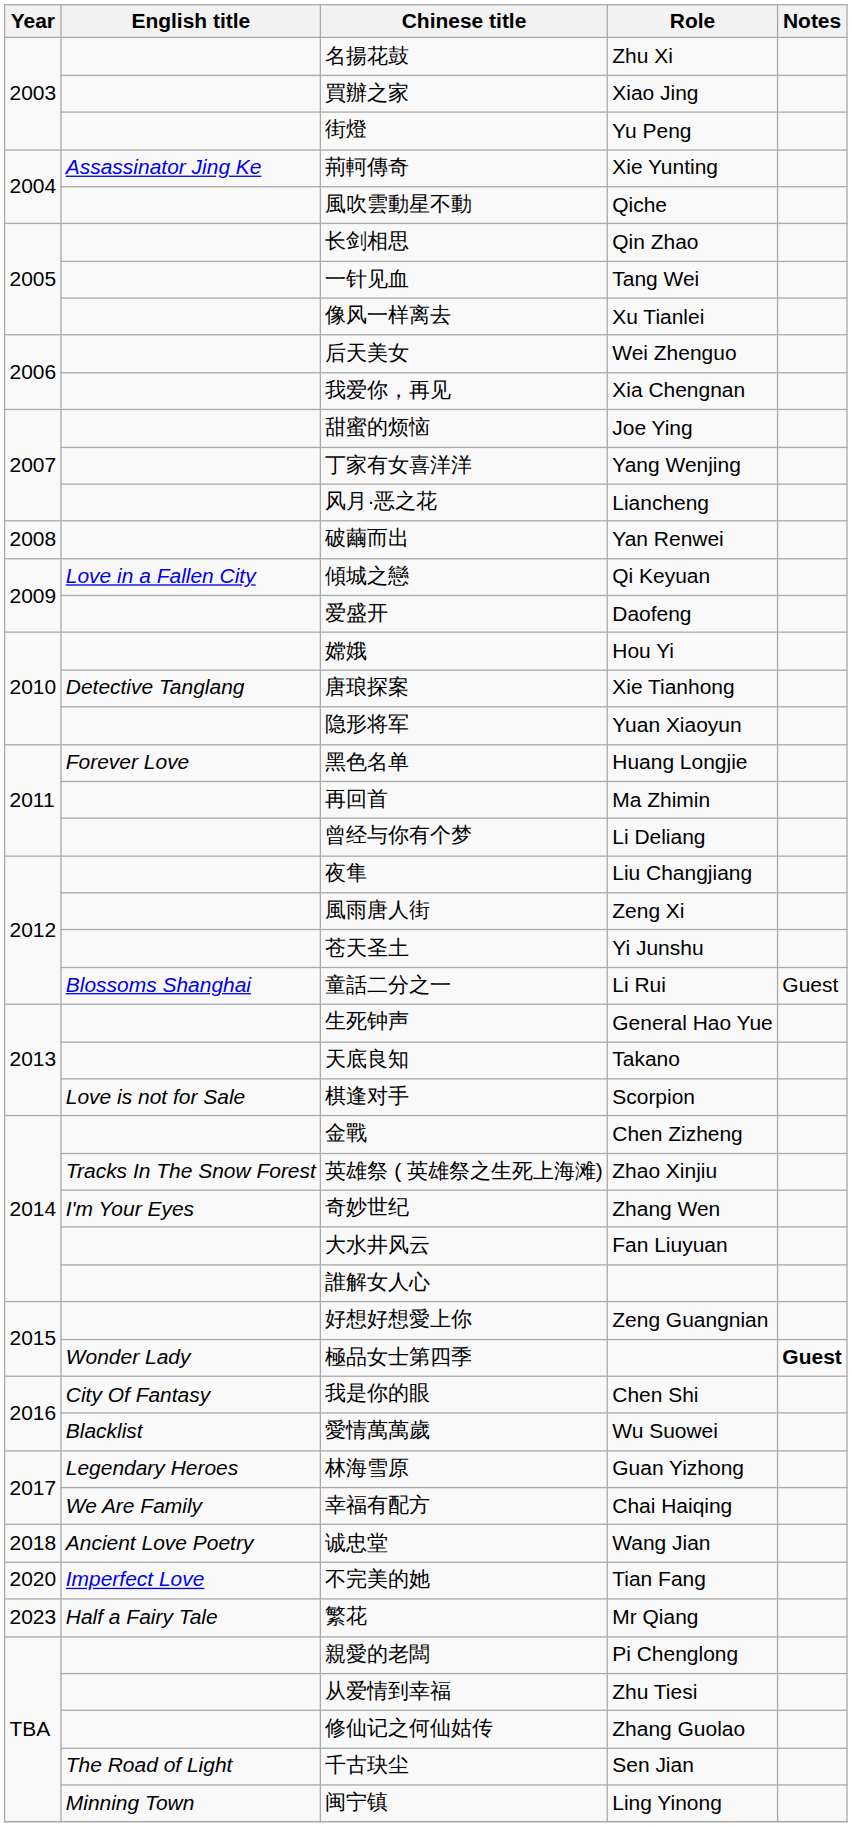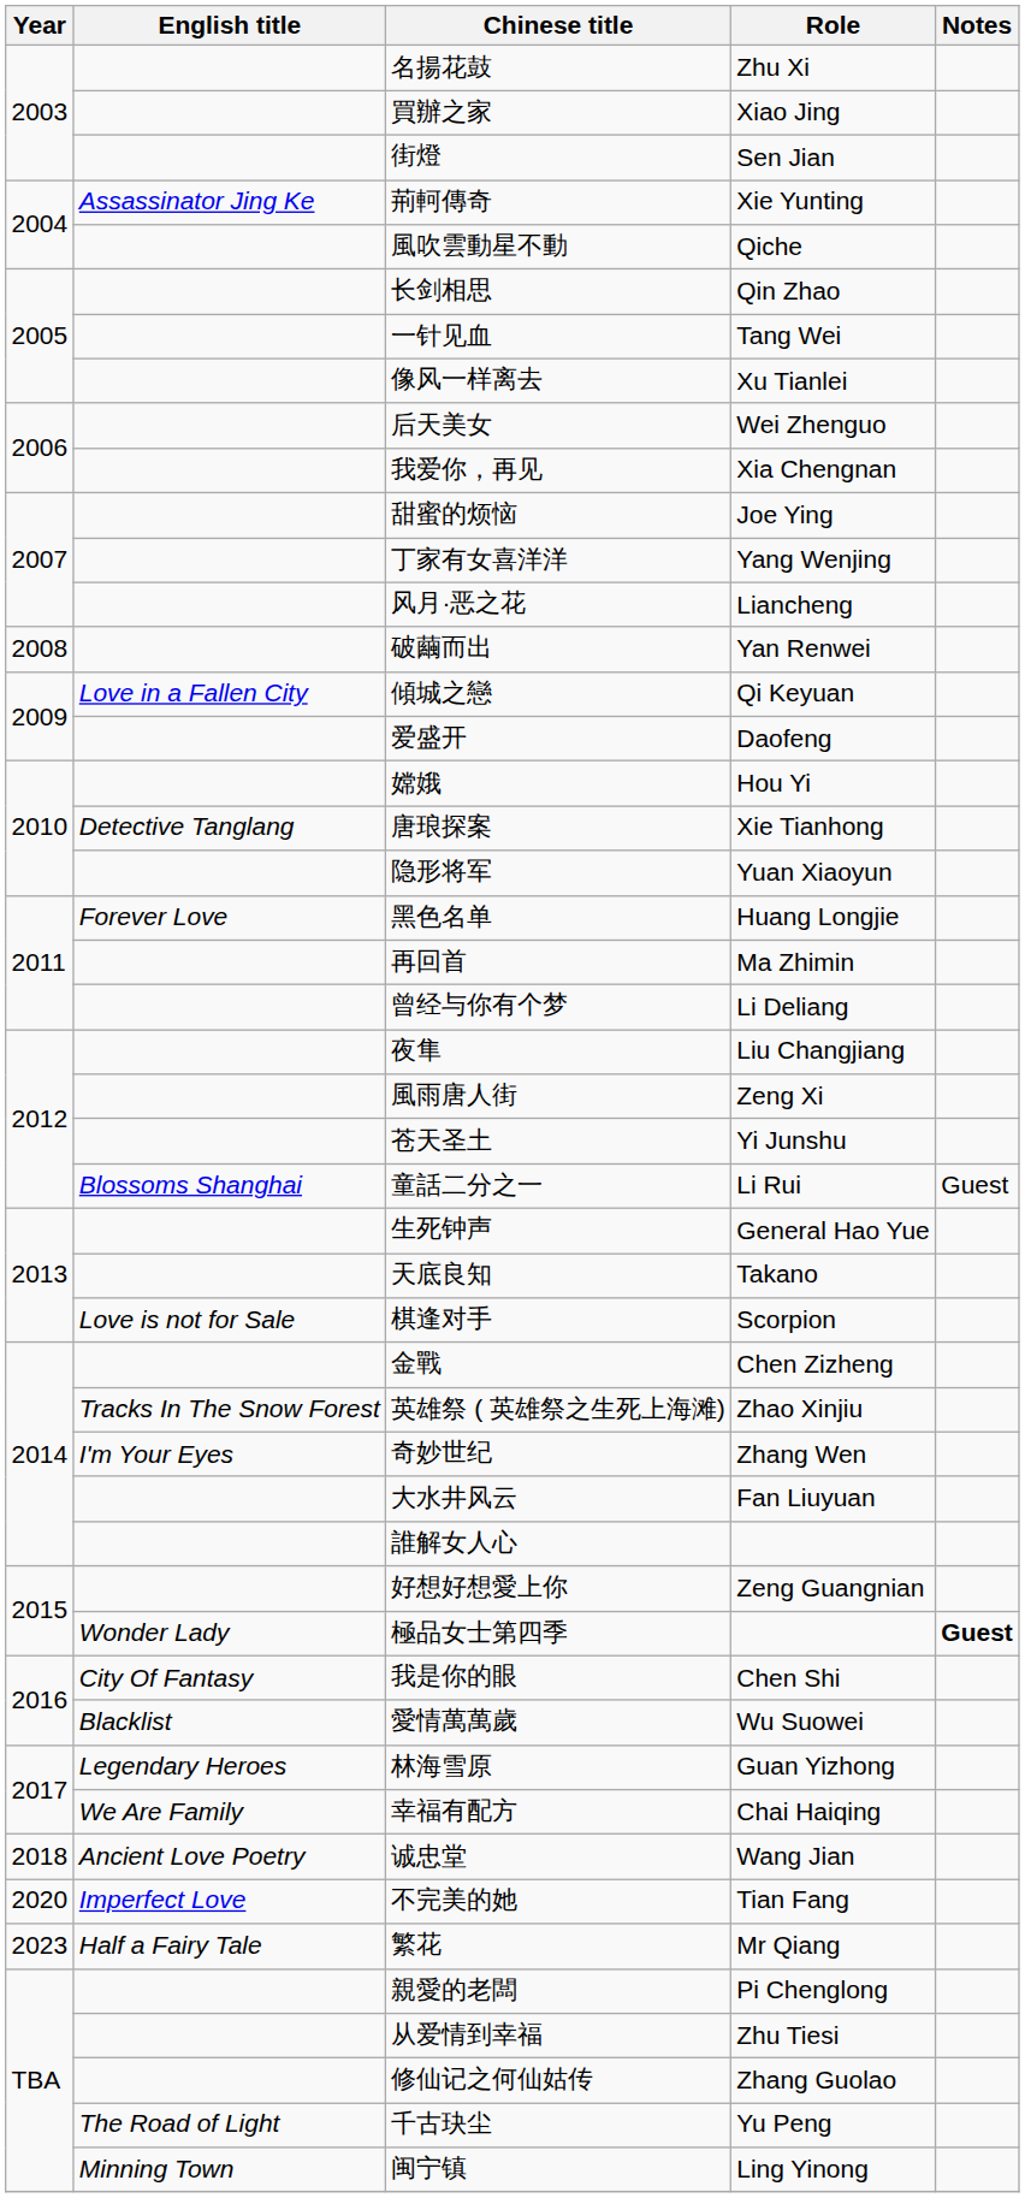 <table class="wikitable sortable">
 <tr>
 <th>Year</th>
 <th>English title</th>
 <th>Chinese title</th>
 <th>Role</th>
 <th class="unsortable">Notes</th>
 </tr>
 <tr>
 <td rowspan=3>2003</td>
 <td><em> </em></td>
 <td>名揚花鼓</td>
 <td>Zhu Xi</td>
 <td></td>
 </tr>
 <tr>
 <td><em> </em></td>
 <td>買辦之家</td>
 <td>Xiao Jing</td>
 <td></td>
 </tr>
 <tr>
 <td><em> </em></td>
 <td>街燈</td>
-<td>Yu Peng</td>
+<td>Sen Jian</td>
 <td></td>
 </tr>
 <tr>
 <td rowspan=2>2004</td>
 <td><em><a href='#'>Assassinator Jing Ke</a></em></td>
 <td>荊軻傳奇</td>
 <td>Xie Yunting</td>
 <td></td>
 </tr>
 <tr>
 <td><em> </em></td>
 <td>風吹雲動星不動</td>
 <td>Qiche</td>
 <td></td>
 </tr>
 <tr>
 <td rowspan=3>2005</td>
 <td><em> </em></td>
 <td>长剑相思</td>
 <td>Qin Zhao</td>
 <td></td>
 </tr>
 <tr>
 <td><em> </em></td>
 <td>一针见血</td>
 <td>Tang Wei</td>
 <td></td>
 </tr>
 <tr>
 <td><em> </em></td>
 <td>像风一样离去</td>
 <td>Xu Tianlei</td>
 <td></td>
 </tr>
 <tr>
 <td rowspan=2>2006</td>
 <td><em> </em></td>
 <td>后天美女</td>
 <td>Wei Zhenguo</td>
 <td></td>
 </tr>
 <tr>
 <td><em> </em></td>
 <td>我爱你，再见</td>
 <td>Xia Chengnan</td>
 <td></td>
 </tr>
 <tr>
 <td rowspan=3>2007</td>
 <td><em> </em></td>
 <td>甜蜜的烦恼</td>
 <td>Joe Ying</td>
 <td></td>
 </tr>
 <tr>
 <td><em> </em></td>
 <td>丁家有女喜洋洋</td>
 <td>Yang Wenjing</td>
 <td></td>
 </tr>
 <tr>
 <td><em> </em></td>
 <td>风月·恶之花</td>
 <td>Liancheng</td>
 <td></td>
 </tr>
 <tr>
 <td>2008</td>
 <td><em> </em></td>
 <td>破繭而出</td>
 <td>Yan Renwei</td>
 <td></td>
 </tr>
 <tr>
 <td rowspan=2>2009</td>
 <td><em><a href='#'>Love in a Fallen City</a></em></td>
 <td>傾城之戀</td>
 <td>Qi Keyuan</td>
 <td></td>
 </tr>
 <tr>
 <td><em> </em></td>
 <td>爱盛开</td>
 <td>Daofeng</td>
 <td></td>
 </tr>
 <tr>
 <td rowspan=3>2010</td>
 <td><em> </em></td>
 <td>嫦娥</td>
 <td>Hou Yi</td>
 <td></td>
 </tr>
 <tr>
 <td><em>Detective Tanglang</em></td>
 <td>唐琅探案</td>
 <td>Xie Tianhong</td>
 <td></td>
 </tr>
 <tr>
 <td><em> </em></td>
 <td>隐形将军</td>
 <td>Yuan Xiaoyun</td>
 <td></td>
 </tr>
 <tr>
 <td rowspan=3>2011</td>
 <td><em>Forever Love</em></td>
 <td>黑色名单</td>
 <td>Huang Longjie</td>
 <td></td>
 </tr>
 <tr>
 <td><em> </em></td>
 <td>再回首</td>
 <td>Ma Zhimin</td>
 <td></td>
 </tr>
 <tr>
 <td><em> </em></td>
 <td>曾经与你有个梦</td>
 <td>Li Deliang</td>
 <td></td>
 </tr>
 <tr>
 <td rowspan=4>2012</td>
 <td><em> </em></td>
 <td>夜隼</td>
 <td>Liu Changjiang</td>
 <td></td>
 </tr>
 <tr>
 <td><em> </em></td>
 <td>風雨唐人街</td>
 <td>Zeng Xi</td>
 <td></td>
 </tr>
 <tr>
 <td><em> </em></td>
 <td>苍天圣土</td>
 <td>Yi Junshu</td>
 <td></td>
 </tr>
 <tr>
 <td><em><a href='#'>Blossoms Shanghai</a></em></td>
 <td>童話二分之一</td>
 <td>Li Rui</td>
 <td>Guest</td>
 </tr>
 <tr>
 <td rowspan=3>2013</td>
 <td><em> </em></td>
 <td>生死钟声</td>
 <td>General Hao Yue</td>
 <td></td>
 </tr>
 <tr>
 <td><em> </em></td>
 <td>天底良知</td>
 <td>Takano</td>
 <td></td>
 </tr>
 <tr>
 <td><em> Love is not for Sale</em></td>
 <td>棋逢对手</td>
 <td>Scorpion</td>
 <td></td>
 </tr>
 <tr>
 <td rowspan=5>2014</td>
 <td><em> </em></td>
 <td>金戰</td>
 <td>Chen Zizheng</td>
 <td></td>
 </tr>
 <tr>
 <td><em>Tracks In The Snow Forest </em></td>
 <td>英雄祭 ( 英雄祭之生死上海滩)</td>
 <td>Zhao Xinjiu</td>
 <td></td>
 </tr>
 <tr>
 <td><em> I'm Your Eyes </em></td>
 <td>奇妙世纪</td>
 <td>Zhang Wen</td>
 <td></td>
 </tr>
 <tr>
 <td><em> </em></td>
 <td>大水井风云</td>
 <td>Fan Liuyuan</td>
 <td></td>
 </tr>
 <tr>
 <td><em> </em></td>
 <td>誰解女人心</td>
 <td></td>
 <td></td>
 </tr>
 <tr>
 <td rowspan=2>2015</td>
 <td><em> </em></td>
 <td>好想好想愛上你</td>
 <td>Zeng Guangnian</td>
 <td></td>
 </tr>
 <tr>
 <td><em>Wonder Lady</em></td>
 <td>極品女士第四季</td>
 <td></td>
 <td><strong>Guest</strong></td>
 </tr>
 <tr>
 <td rowspan=2>2016</td>
 <td><em>City Of Fantasy</em></td>
 <td>我是你的眼</td>
 <td>Chen Shi</td>
 <td></td>
 </tr>
 <tr>
 <td><em>Blacklist</em></td>
 <td>愛情萬萬歲</td>
 <td>Wu Suowei</td>
 <td></td>
 </tr>
 <tr>
 <td rowspan=2>2017</td>
 <td><em> Legendary Heroes</em></td>
 <td>林海雪原</td>
 <td>Guan Yizhong</td>
 <td></td>
 </tr>
 <tr>
 <td><em>We Are Family</em></td>
 <td>幸福有配方</td>
 <td>Chai Haiqing</td>
 <td></td>
 </tr>
 <tr>
 <td>2018</td>
 <td><em>Ancient Love Poetry</em></td>
 <td>诚忠堂</td>
 <td>Wang Jian</td>
 <td></td>
 </tr>
 <tr>
 <td>2020</td>
 <td><em><a href='#'>Imperfect Love</a></em></td>
 <td>不完美的她</td>
 <td>Tian Fang</td>
 <td></td>
 </tr>
 <tr>
 <td>2023</td>
 <td><em> Half a Fairy Tale</em></td>
 <td>繁花</td>
 <td>Mr Qiang</td>
 <td></td>
 </tr>
 <tr>
 <td rowspan=5>TBA</td>
 <td><em> </em></td>
 <td>親愛的老闆</td>
 <td>Pi Chenglong</td>
 <td></td>
 </tr>
 <tr>
 <td><em>  </em></td>
 <td>从爱情到幸福</td>
 <td>Zhu Tiesi</td>
 <td></td>
 </tr>
 <tr>
 <td><em>  </em></td>
 <td>修仙记之何仙姑传</td>
 <td>Zhang Guolao</td>
 <td></td>
 </tr>
 <tr>
 <td><em>The Road of Light</em></td>
 <td>千古玦尘</td>
-<td>Sen Jian</td>
+<td>Yu Peng</td>
 <td></td>
 </tr>
 <tr>
 <td><em>Minning Town</em></td>
 <td>闽宁镇</td>
 <td>Ling Yinong</td>
 <td></td>
 </tr>
 <tr>
 </tr>
 </table>
